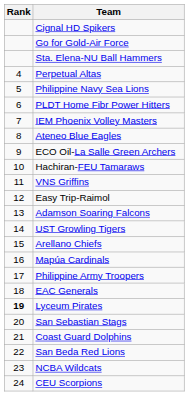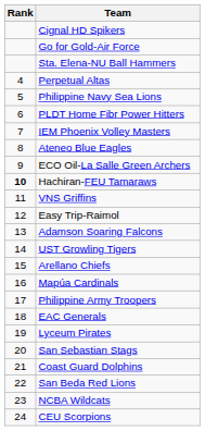 <table class="wikitable" style="text-align: center;">
 <tr>
 <th width=40>Rank</th>
 <th width=240>Team</th>
 </tr>
 <tr>
 <td></td>
 <td align="left"><a href='#'>Cignal HD Spikers</a></td>
 </tr>
 <tr>
 <td></td>
 <td align="left"><a href='#'>Go for Gold-Air Force</a></td>
 </tr>
 <tr>
 <td></td>
 <td align="left"><a href='#'>Sta. Elena-NU Ball Hammers</a></td>
 </tr>
 <tr>
 <td>4</td>
 <td align="left"><a href='#'>Perpetual Altas</a></td>
 </tr>
 <tr>
 <td>5</td>
 <td align="left"><a href='#'>Philippine Navy Sea Lions</a></td>
 </tr>
 <tr>
 <td>6</td>
 <td align="left"><a href='#'>PLDT Home Fibr Power Hitters</a></td>
 </tr>
 <tr>
 <td>7</td>
 <td align="left"><a href='#'>IEM Phoenix Volley Masters</a></td>
 </tr>
 <tr>
 <td>8</td>
 <td align="left"><a href='#'>Ateneo Blue Eagles</a></td>
 </tr>
 <tr>
 <td>9</td>
 <td align="left">ECO Oil-<a href='#'>La Salle Green Archers</a></td>
 </tr>
 <tr>
-<td>10</td>
+<td><strong>10</strong></td>
 <td align="left">Hachiran-<a href='#'>FEU Tamaraws</a></td>
 </tr>
 <tr>
 <td>11</td>
 <td align="left"><a href='#'>VNS Griffins</a></td>
 </tr>
 <tr>
 <td>12</td>
 <td align="left">Easy Trip-Raimol</td>
 </tr>
 <tr>
 <td>13</td>
 <td align="left"><a href='#'>Adamson Soaring Falcons</a></td>
 </tr>
 <tr>
 <td>14</td>
 <td align="left"><a href='#'>UST Growling Tigers</a></td>
 </tr>
 <tr>
 <td>15</td>
 <td align="left"><a href='#'>Arellano Chiefs</a></td>
 </tr>
 <tr>
 <td>16</td>
 <td align="left"><a href='#'>Mapúa Cardinals</a></td>
 </tr>
 <tr>
 <td>17</td>
 <td align="left"><a href='#'>Philippine Army Troopers</a></td>
 </tr>
 <tr>
 <td>18</td>
 <td align="left"><a href='#'>EAC Generals</a></td>
 </tr>
 <tr>
-<td><strong>19</strong></td>
+<td>19</td>
 <td align="left"><a href='#'>Lyceum Pirates</a></td>
 </tr>
 <tr>
 <td>20</td>
 <td align="left"><a href='#'>San Sebastian Stags</a></td>
 </tr>
 <tr>
 <td>21</td>
 <td align="left"><a href='#'>Coast Guard Dolphins</a></td>
 </tr>
 <tr>
 <td>22</td>
 <td align="left"><a href='#'>San Beda Red Lions</a></td>
 </tr>
 <tr>
 <td>23</td>
 <td align="left"><a href='#'>NCBA Wildcats</a></td>
 </tr>
 <tr>
 <td>24</td>
 <td align="left"><a href='#'>CEU Scorpions</a></td>
 </tr>
 </table>
